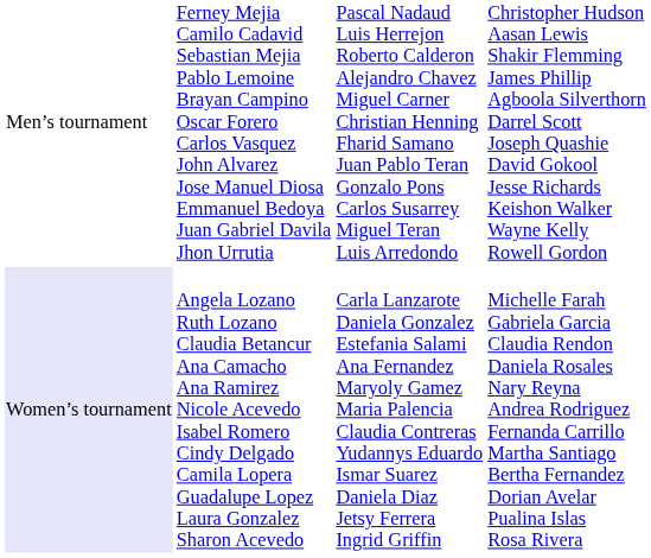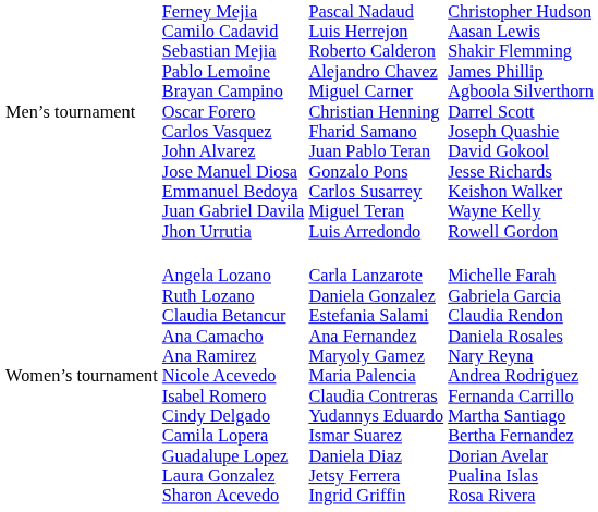 <table>
 <tr>
 <td>Men’s tournament</td>
 <td><br><a href='#'>Ferney Mejia</a><br><a href='#'>Camilo Cadavid</a><br><a href='#'>Sebastian Mejia</a><br><a href='#'>Pablo Lemoine</a><br><a href='#'>Brayan Campino</a><br><a href='#'>Oscar Forero</a><br><a href='#'>Carlos Vasquez</a><br><a href='#'>John Alvarez</a><br><a href='#'>Jose Manuel Diosa</a><br><a href='#'>Emmanuel Bedoya</a><br><a href='#'>Juan Gabriel Davila</a><br><a href='#'>Jhon Urrutia</a></td>
 <td><br><a href='#'>Pascal Nadaud</a><br><a href='#'>Luis Herrejon</a><br><a href='#'>Roberto Calderon</a><br><a href='#'>Alejandro Chavez</a><br><a href='#'>Miguel Carner</a><br><a href='#'>Christian Henning</a><br><a href='#'>Fharid Samano</a><br><a href='#'>Juan Pablo Teran</a><br><a href='#'>Gonzalo Pons</a><br><a href='#'>Carlos Susarrey</a><br><a href='#'>Miguel Teran</a><br><a href='#'>Luis Arredondo</a></td>
 <td><br><a href='#'>Christopher Hudson</a><br><a href='#'>Aasan Lewis</a><br><a href='#'>Shakir Flemming</a><br><a href='#'>James Phillip</a><br><a href='#'>Agboola Silverthorn</a><br><a href='#'>Darrel Scott</a><br><a href='#'>Joseph Quashie</a><br><a href='#'>David Gokool</a><br><a href='#'>Jesse Richards</a><br><a href='#'>Keishon Walker</a><br><a href='#'>Wayne Kelly</a><br><a href='#'>Rowell Gordon</a></td>
 </tr>
 <tr>
-<td style="background: lavender;">Women’s tournament</td>
+<td>Women’s tournament</td>
 <td><br><a href='#'>Angela Lozano</a><br><a href='#'>Ruth Lozano</a><br><a href='#'>Claudia Betancur</a><br><a href='#'>Ana Camacho</a><br><a href='#'>Ana Ramirez</a><br><a href='#'>Nicole Acevedo</a><br><a href='#'>Isabel Romero</a><br><a href='#'>Cindy Delgado</a><br><a href='#'>Camila Lopera</a><br><a href='#'>Guadalupe Lopez</a><br><a href='#'>Laura Gonzalez</a><br><a href='#'>Sharon Acevedo</a></td>
 <td><br><a href='#'>Carla Lanzarote</a><br><a href='#'>Daniela Gonzalez</a><br><a href='#'>Estefania Salami</a><br><a href='#'>Ana Fernandez</a><br><a href='#'>Maryoly Gamez</a><br><a href='#'>Maria Palencia</a><br><a href='#'>Claudia Contreras</a><br><a href='#'>Yudannys Eduardo</a><br><a href='#'>Ismar Suarez</a><br><a href='#'>Daniela Diaz</a><br><a href='#'>Jetsy Ferrera</a><br><a href='#'>Ingrid Griffin</a></td>
 <td><br><a href='#'>Michelle Farah</a><br><a href='#'>Gabriela Garcia</a><br><a href='#'>Claudia Rendon</a><br><a href='#'>Daniela Rosales</a><br><a href='#'>Nary Reyna</a><br><a href='#'>Andrea Rodriguez</a><br><a href='#'>Fernanda Carrillo</a><br><a href='#'>Martha Santiago</a><br><a href='#'>Bertha Fernandez</a><br><a href='#'>Dorian Avelar</a><br><a href='#'>Pualina Islas</a><br><a href='#'>Rosa Rivera</a></td>
 </tr>
 <tr>
 </tr>
 </table>
